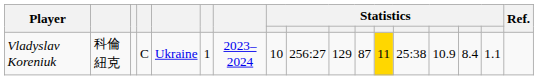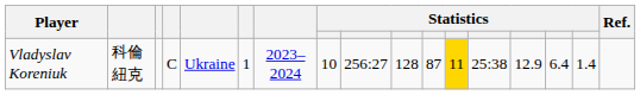 <table class="wikitable sortable" style="font-size:95%; text-align:right;">
 <tr>
 <th rowspan="2">Player</th>
 <th rowspan="2"></th>
 <th rowspan="2"></th>
 <th rowspan="2"></th>
 <th rowspan="2"></th>
 <th rowspan="2"></th>
 <th rowspan="2"></th>
 <th colspan="9">Statistics</th>
 <th rowspan="2">Ref.</th>
 </tr>
 <tr>
 <th></th>
 <th></th>
 <th></th>
 <th></th>
 <th></th>
 <th></th>
 <th></th>
 <th></th>
 <th></th>
 </tr>
 <tr>
 <td align="left"><em>Vladyslav Koreniuk</em></td>
 <td align="left">科倫紐克</td>
 <td align="center"></td>
 <td align="center">C</td>
 <td align="left"><a href='#'>Ukraine</a></td>
 <td align="center">1</td>
 <td align="center"><a href='#'>2023–2024</a></td>
 <td>10</td>
 <td>256:27</td>
-<td>129</td>
+<td>128</td>
 <td>87</td>
 <td style="background: gold;">11</td>
 <td>25:38</td>
-<td>10.9</td>
-<td>8.4</td>
-<td>1.1</td>
+<td>12.9</td>
+<td>6.4</td>
+<td>1.4</td>
 <td align="center"></td>
 </tr>
 </table>
